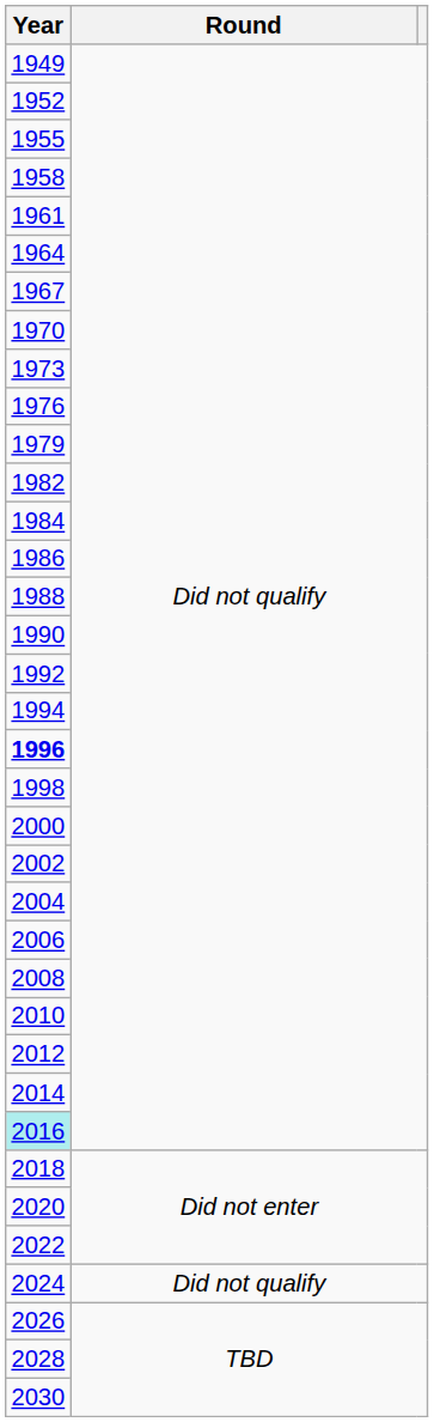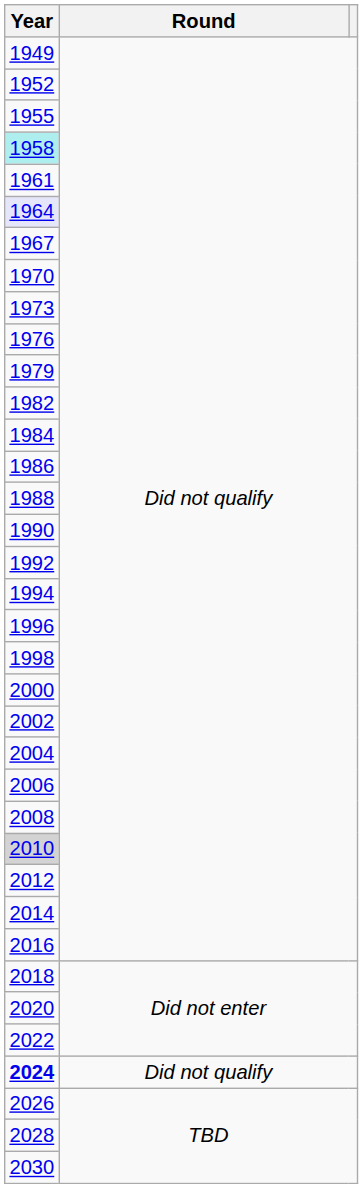 <table class="wikitable" style="text-align: center; font-size:90%">
 <tr>
 <th>Year</th>
 <th style="width:200px">Round</th>
 <th></th>
 </tr>
 <tr>
 <td><a href='#'>1949</a></td>
 <td colspan="2" rowspan="29"><em>Did not qualify</em></td>
 </tr>
 <tr>
 <td><a href='#'>1952</a></td>
 </tr>
 <tr>
 <td><a href='#'>1955</a></td>
 </tr>
 <tr>
-<td><a href='#'>1958</a></td>
+<td style="background: paleturquoise;"><a href='#'>1958</a></td>
 </tr>
 <tr>
 <td><a href='#'>1961</a></td>
 </tr>
 <tr>
-<td><a href='#'>1964</a></td>
+<td style="background: lavender;"><a href='#'>1964</a></td>
 </tr>
 <tr>
 <td><a href='#'>1967</a></td>
 </tr>
 <tr>
 <td><a href='#'>1970</a></td>
 </tr>
 <tr>
 <td><a href='#'>1973</a></td>
 </tr>
 <tr>
 <td><a href='#'>1976</a></td>
 </tr>
 <tr>
 <td><a href='#'>1979</a></td>
 </tr>
 <tr>
 <td><a href='#'>1982</a></td>
 </tr>
 <tr>
 <td><a href='#'>1984</a></td>
 </tr>
 <tr>
 <td><a href='#'>1986</a></td>
 </tr>
 <tr>
 <td><a href='#'>1988</a></td>
 </tr>
 <tr>
 <td><a href='#'>1990</a></td>
 </tr>
 <tr>
 <td><a href='#'>1992</a></td>
 </tr>
 <tr>
 <td><a href='#'>1994</a></td>
 </tr>
 <tr>
-<td><strong><a href='#'>1996</a></strong></td>
+<td><a href='#'>1996</a></td>
 </tr>
 <tr>
 <td><a href='#'>1998</a></td>
 </tr>
 <tr>
 <td><a href='#'>2000</a></td>
 </tr>
 <tr>
 <td><a href='#'>2002</a></td>
 </tr>
 <tr>
 <td><a href='#'>2004</a></td>
 </tr>
 <tr>
 <td><a href='#'>2006</a></td>
 </tr>
 <tr>
 <td><a href='#'>2008</a></td>
 </tr>
 <tr>
-<td><a href='#'>2010</a></td>
+<td style="background: lightgrey;"><a href='#'>2010</a></td>
 </tr>
 <tr>
 <td><a href='#'>2012</a></td>
 </tr>
 <tr>
 <td><a href='#'>2014</a></td>
 </tr>
 <tr>
-<td style="background: paleturquoise;"><a href='#'>2016</a></td>
+<td><a href='#'>2016</a></td>
 </tr>
 <tr>
 <td><a href='#'>2018</a></td>
 <td colspan="2" rowspan="3"><em>Did not enter</em></td>
 </tr>
 <tr>
 <td><a href='#'>2020</a></td>
 </tr>
 <tr>
 <td><a href='#'>2022</a></td>
 </tr>
 <tr>
-<td><a href='#'>2024</a></td>
+<td><strong><a href='#'>2024</a></strong></td>
 <td colspan="2" rowspan="1"><em>Did not qualify</em></td>
 </tr>
 <tr>
 <td><a href='#'>2026</a></td>
 <td colspan="2" rowspan="3"><em>TBD</em></td>
 </tr>
 <tr>
 <td><a href='#'>2028</a></td>
 </tr>
 <tr>
 <td><a href='#'>2030</a></td>
 </tr>
 </table>
